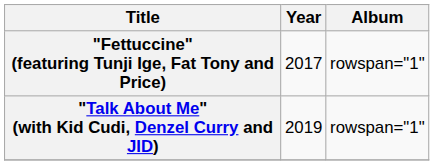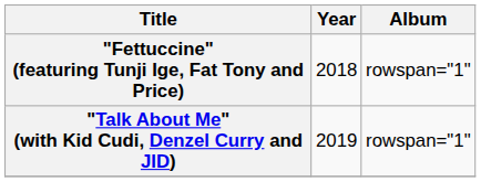 <table class="wikitable plainrowheaders" style="text-align:center;">
 <tr>
 <th scope="col" style="width:16em;">Title</th>
 <th scope="col">Year</th>
 <th scope="col">Album</th>
 </tr>
 <tr>
 <th scope="row">"Fettuccine"<br><span>(featuring Tunji Ige, Fat Tony and Price)</span></th>
-<td>2017</td>
+<td>2018</td>
 <td>rowspan="1" </td>
 </tr>
 <tr>
 <th scope="row">"<a href='#'>Talk About Me</a>"<br><span>(with Kid Cudi, <a href='#'>Denzel Curry</a> and <a href='#'>JID</a>)</span></th>
 <td rowspan="1">2019</td>
 <td>rowspan="1" </td>
 </tr>
 <tr>
 </tr>
 </table>
